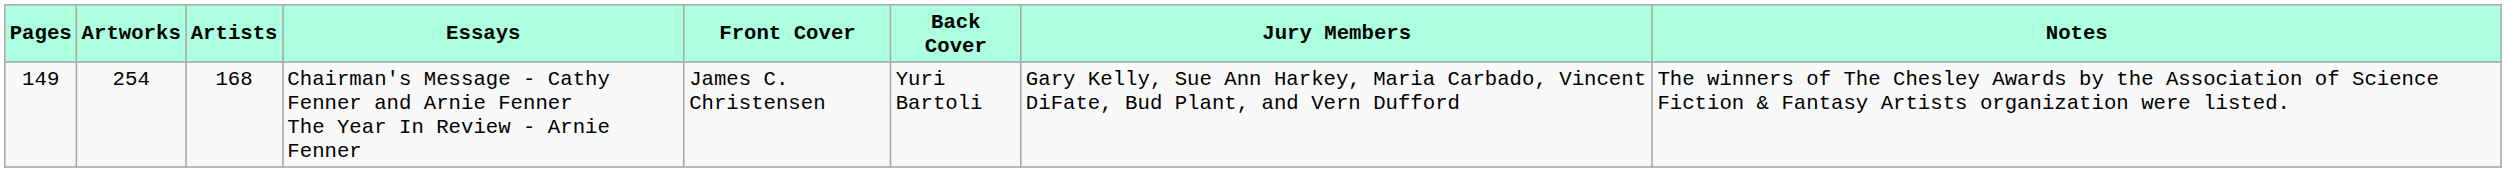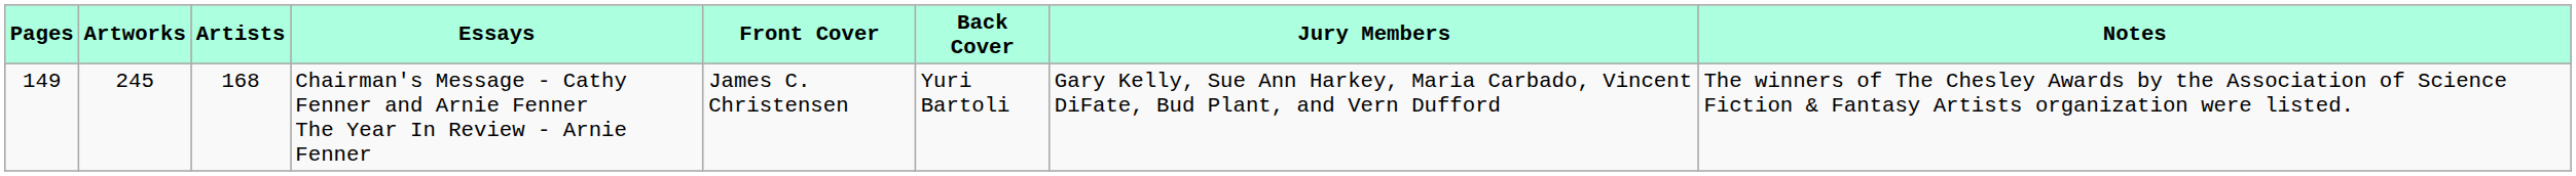 <table class="wikitable">
 <tr>
 <th style="background:#acffdf">Pages</th>
 <th style="background:#acffdf">Artworks</th>
 <th style="background:#acffdf">Artists</th>
 <th style="background:#acffdf">Essays</th>
 <th style="background:#acffdf">Front Cover</th>
 <th style="background:#acffdf">Back Cover</th>
 <th style="background:#acffdf">Jury Members</th>
 <th style="background:#acffdf">Notes</th>
 </tr>
 <tr valign="top">
 <td align="center">149</td>
-<td align="center">254</td>
+<td align="center">245</td>
 <td align="center">168</td>
 <td>Chairman's Message - Cathy Fenner and Arnie Fenner<br>The Year In Review - Arnie Fenner</td>
 <td>James C. Christensen</td>
 <td>Yuri Bartoli</td>
 <td>Gary Kelly, Sue Ann Harkey, Maria Carbado, Vincent DiFate, Bud Plant, and Vern Dufford</td>
 <td>The winners of The Chesley Awards by the Association of Science Fiction & Fantasy Artists organization were listed.</td>
 </tr>
 </table>
